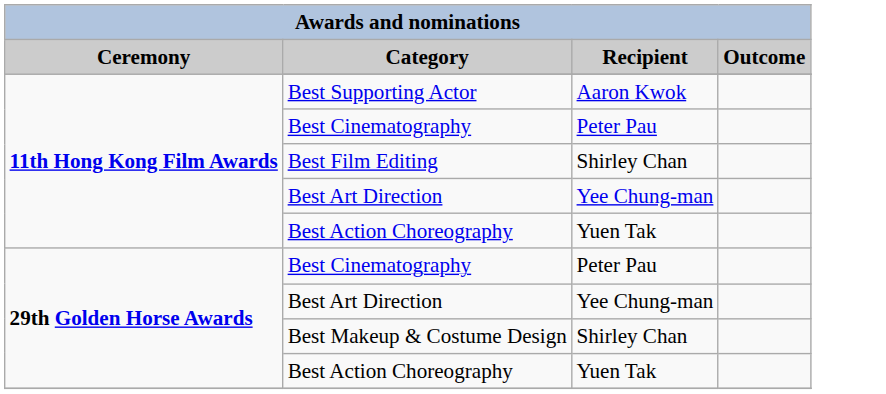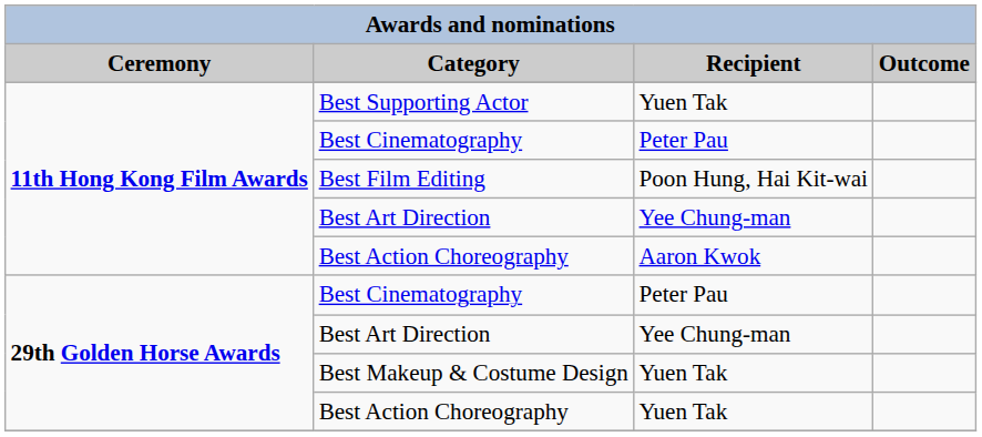 <table class="wikitable" style="font-size:95%">
 <tr style="background:#ccc; text-align:center;">
 <th colspan="4" style="background: LightSteelBlue;">Awards and nominations</th>
 </tr>
 <tr style="background:#ccc; text-align:center;">
 <th style="background:#ccc">Ceremony</th>
 <th style="background:#ccc">Category</th>
 <th style="background:#ccc">Recipient</th>
 <th style="background:#ccc">Outcome</th>
 </tr>
 <tr>
 <td rowspan=6><strong><a href='#'>11th Hong Kong Film Awards</a></strong></td>
 </tr>
 <tr>
 <td><a href='#'>Best Supporting Actor</a></td>
-<td><a href='#'>Aaron Kwok</a></td>
+<td>Yuen Tak</td>
 <td></td>
 </tr>
 <tr>
 <td><a href='#'>Best Cinematography</a></td>
 <td><a href='#'>Peter Pau</a></td>
 <td></td>
 </tr>
 <tr>
 <td><a href='#'>Best Film Editing</a></td>
-<td>Shirley Chan</td>
+<td>Poon Hung, Hai Kit-wai</td>
 <td></td>
 </tr>
 <tr>
 <td><a href='#'>Best Art Direction</a></td>
 <td><a href='#'>Yee Chung-man</a></td>
 <td></td>
 </tr>
 <tr>
 <td><a href='#'>Best Action Choreography</a></td>
-<td>Yuen Tak</td>
+<td><a href='#'>Aaron Kwok</a></td>
 <td></td>
 </tr>
 <tr>
 <td rowspan=4><strong>29th <a href='#'>Golden Horse Awards</a></strong></td>
 <td><a href='#'>Best Cinematography</a></td>
 <td>Peter Pau</td>
 <td></td>
 </tr>
 <tr>
 <td>Best Art Direction</td>
 <td>Yee Chung-man</td>
 <td></td>
 </tr>
 <tr>
 <td>Best Makeup & Costume Design</td>
-<td>Shirley Chan</td>
+<td>Yuen Tak</td>
 <td></td>
 </tr>
 <tr>
 <td>Best Action Choreography</td>
 <td>Yuen Tak</td>
 <td></td>
 </tr>
 <tr>
 </tr>
 </table>
